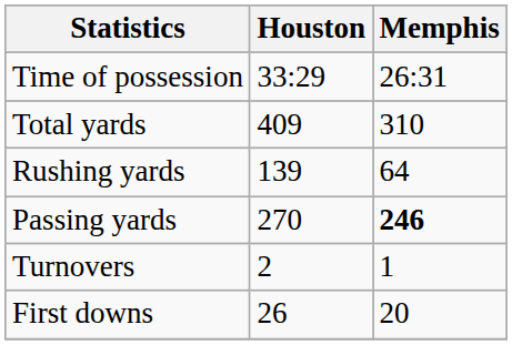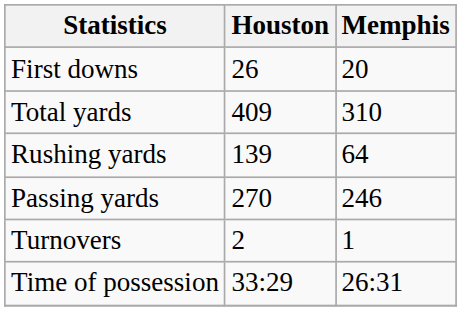 <table class="wikitable">
 <tr>
 <th>Statistics</th>
 <th>Houston</th>
 <th>Memphis</th>
 </tr>
 <tr>
-<td>Time of possession</td>
-<td>33:29</td>
-<td>26:31</td>
+<td>First downs</td>
+<td>26</td>
+<td>20</td>
 </tr>
 <tr>
 <td>Total yards</td>
 <td>409</td>
 <td>310</td>
 </tr>
 <tr>
 <td>Rushing yards</td>
 <td>139</td>
 <td>64</td>
 </tr>
 <tr>
 <td>Passing yards</td>
 <td>270</td>
-<td><strong>246</strong></td>
+<td>246</td>
 </tr>
 <tr>
 <td>Turnovers</td>
 <td>2</td>
 <td>1</td>
 </tr>
 <tr>
-<td>First downs</td>
-<td>26</td>
-<td>20</td>
+<td>Time of possession</td>
+<td>33:29</td>
+<td>26:31</td>
 </tr>
 <tr>
 </tr>
 </table>
